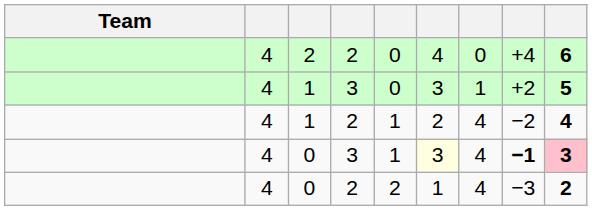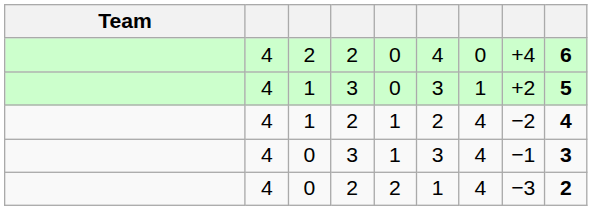 <table class="wikitable" style="text-align:center">
 <tr>
 <th width=175>Team</th>
 <th width=25></th>
 <th width=25></th>
 <th width=25></th>
 <th width=25></th>
 <th width=25></th>
 <th width=25></th>
 <th width=25></th>
 <th width=25></th>
 </tr>
 <tr bgcolor=ccffcc>
 <td style="text-align:left;"></td>
 <td>4</td>
 <td>2</td>
 <td>2</td>
 <td>0</td>
 <td>4</td>
 <td>0</td>
 <td>+4</td>
 <td><strong>6</strong></td>
 </tr>
 <tr bgcolor=ccffcc>
 <td style="text-align:left;"></td>
 <td>4</td>
 <td>1</td>
 <td>3</td>
 <td>0</td>
 <td>3</td>
 <td>1</td>
 <td>+2</td>
 <td><strong>5</strong></td>
 </tr>
 <tr>
 <td style="text-align:left;"></td>
 <td>4</td>
 <td>1</td>
 <td>2</td>
 <td>1</td>
 <td>2</td>
 <td>4</td>
 <td>−2</td>
 <td><strong>4</strong></td>
 </tr>
 <tr>
 <td style="text-align:left;"></td>
 <td>4</td>
 <td>0</td>
 <td>3</td>
 <td>1</td>
-<td style="background: lightyellow;">3</td>
+<td>3</td>
 <td>4</td>
-<td><strong>−1</strong></td>
-<td style="background: pink;"><strong>3</strong></td>
+<td>−1</td>
+<td><strong>3</strong></td>
 </tr>
 <tr>
 <td style="text-align:left;"></td>
 <td>4</td>
 <td>0</td>
 <td>2</td>
 <td>2</td>
 <td>1</td>
 <td>4</td>
 <td>−3</td>
 <td><strong>2</strong></td>
 </tr>
 </table>
